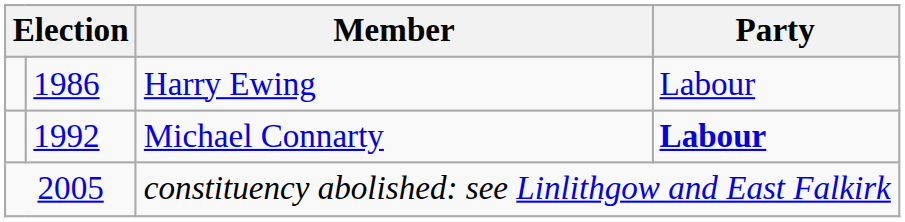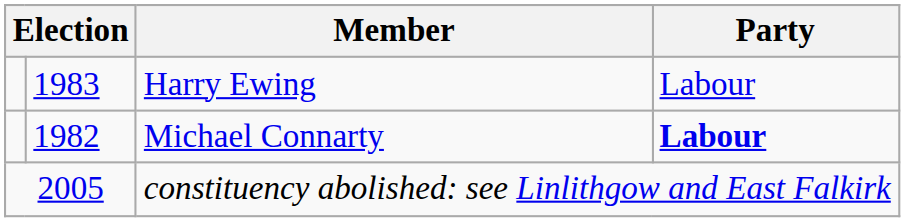 <table class="wikitable">
 <tr>
 <th colspan="2">Election</th>
 <th>Member</th>
 <th>Party</th>
 </tr>
 <tr>
 <td style="color:inherit;background-color: "></td>
-<td><a href='#'>1986</a></td>
+<td><a href='#'>1983</a></td>
 <td><a href='#'>Harry Ewing</a></td>
 <td><a href='#'>Labour</a></td>
 </tr>
 <tr>
 <td style="color:inherit;background-color: "></td>
-<td><a href='#'>1992</a></td>
+<td><a href='#'>1982</a></td>
 <td><a href='#'>Michael Connarty</a></td>
 <td><strong><a href='#'>Labour</a></strong></td>
 </tr>
 <tr>
 <td colspan="2" align="center"><a href='#'>2005</a></td>
 <td colspan="2"><em>constituency abolished: see <a href='#'>Linlithgow and East Falkirk</a></em></td>
 </tr>
 </table>
